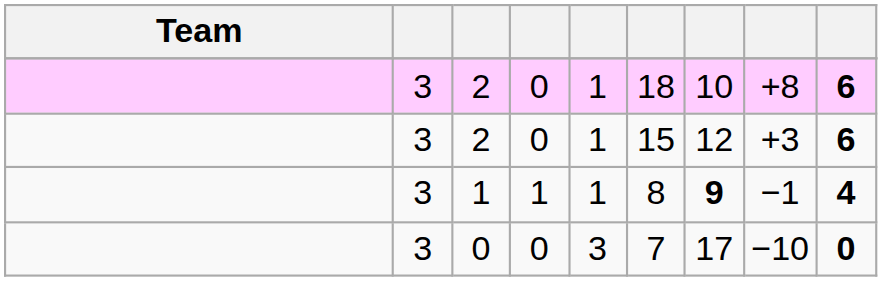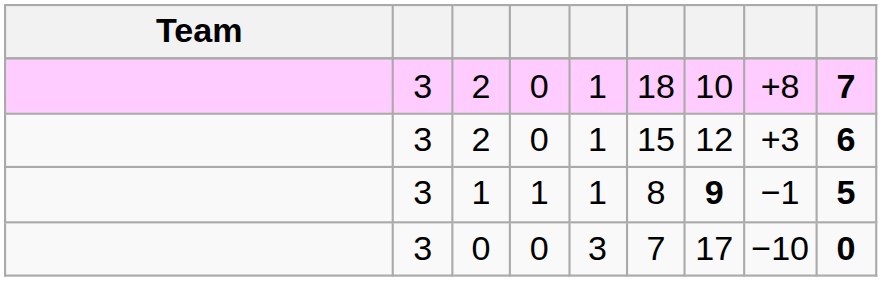 <table class="wikitable" style="text-align: center;">
 <tr>
 <th style="width:175px;">Team</th>
 <th width="20"></th>
 <th width="20"></th>
 <th width="20"></th>
 <th width="20"></th>
 <th width="20"></th>
 <th width="20"></th>
 <th width="20"></th>
 <th width="20"></th>
 </tr>
 <tr>
 </tr>
 <tr style="background:#fcf;">
 <td align=left></td>
 <td>3</td>
 <td>2</td>
 <td>0</td>
 <td>1</td>
 <td>18</td>
 <td>10</td>
 <td>+8</td>
-<td><strong>6</strong></td>
+<td><strong>7</strong></td>
 </tr>
 <tr>
 <td align=left></td>
 <td>3</td>
 <td>2</td>
 <td>0</td>
 <td>1</td>
 <td>15</td>
 <td>12</td>
 <td>+3</td>
 <td><strong>6</strong></td>
 </tr>
 <tr>
 <td align=left></td>
 <td>3</td>
 <td>1</td>
 <td>1</td>
 <td>1</td>
 <td>8</td>
 <td><strong>9</strong></td>
 <td>−1</td>
-<td><strong>4</strong></td>
+<td><strong>5</strong></td>
 </tr>
 <tr>
 <td align=left></td>
 <td>3</td>
 <td>0</td>
 <td>0</td>
 <td>3</td>
 <td>7</td>
 <td>17</td>
 <td>−10</td>
 <td><strong>0</strong></td>
 </tr>
 </table>
